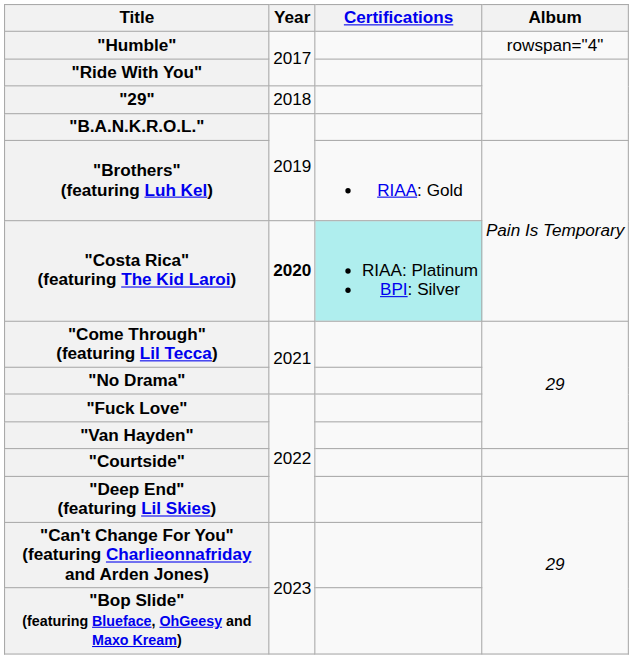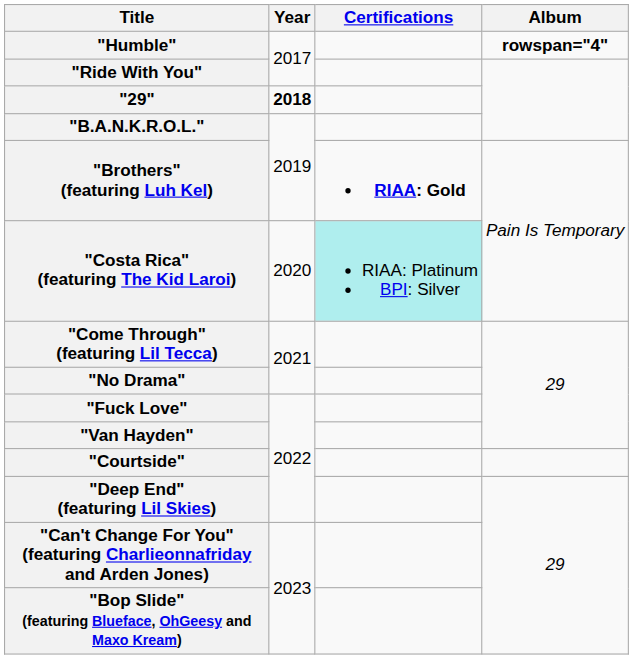 <table class="wikitable plainrowheaders" style="text-align:center;">
 <tr>
 <th scope="col" style="width:15em;">Title</th>
 <th scope="col">Year</th>
 <th scope="col"><a href='#'>Certifications</a></th>
 <th scope="col">Album</th>
 </tr>
 <tr>
 <th scope="row">"Humble"</th>
 <td rowspan="2">2017</td>
 <td></td>
-<td>rowspan="4" </td>
+<td><strong>rowspan="4" </strong></td>
 </tr>
 <tr>
 <th scope="row">"Ride With You"</th>
 <td></td>
 </tr>
 <tr>
 <th scope="row">"29"</th>
-<td>2018</td>
+<td><strong>2018</strong></td>
 <td></td>
 </tr>
 <tr>
 <th scope="row">"B.A.N.K.R.O.L."</th>
 <td rowspan="2">2019</td>
 <td></td>
 </tr>
 <tr>
 <th scope="row">"Brothers"<br><span>(featuring <a href='#'>Luh Kel</a>)</span></th>
-<td><br><ul><li><a href='#'>RIAA</a>: Gold</li></ul></td>
+<td><strong><br><ul><li><a href='#'>RIAA</a>: Gold</li></ul></strong></td>
 <td rowspan="2"><em>Pain Is Temporary</em></td>
 </tr>
 <tr>
 <th scope="row">"Costa Rica"<br><span>(featuring <a href='#'>The Kid Laroi</a>)</span></th>
-<td><strong>2020</strong></td>
+<td>2020</td>
 <td style="background: paleturquoise;"><br><ul><li>RIAA: Platinum</li><li><a href='#'>BPI</a>: Silver</li></ul></td>
 </tr>
 <tr>
 <th scope="row">"Come Through"<br><span>(featuring <a href='#'>Lil Tecca</a>)</span></th>
 <td rowspan="2">2021</td>
 <td></td>
 <td rowspan="4"><em>29</em></td>
 </tr>
 <tr>
 <th scope="row">"No Drama"</th>
 <td></td>
 </tr>
 <tr>
 <th scope="row">"Fuck Love"</th>
 <td rowspan="4">2022</td>
 <td></td>
 </tr>
 <tr>
 <th scope="row">"Van Hayden"</th>
 <td></td>
 </tr>
 <tr>
 <th scope="row">"Courtside"</th>
 <td></td>
 <td></td>
 </tr>
 <tr>
 <th scope="row">"Deep End"<br><span>(featuring <a href='#'>Lil Skies</a>)</span></th>
 <td></td>
 <td rowspan="3"><em>29</em></td>
 </tr>
 <tr>
 <th scope="row">"Can't Change For You"<br><span>(featuring <a href='#'>Charlieonnafriday</a> and Arden Jones)</span></th>
 <td rowspan="2">2023</td>
 <td></td>
 </tr>
 <tr>
 <th scope="row">"Bop Slide"<br><small>(featuring <a href='#'>Blueface</a>, <a href='#'>OhGeesy</a> and <a href='#'>Maxo Kream</a>)</small></th>
 <td></td>
 </tr>
 </table>
